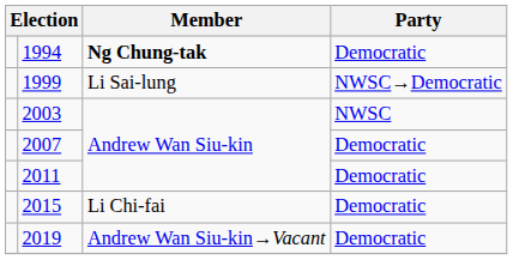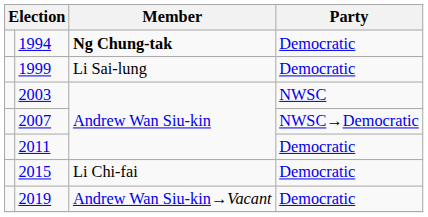 <table class="wikitable">
 <tr>
 <th colspan="2">Election</th>
 <th>Member</th>
 <th>Party</th>
 </tr>
 <tr>
 <td style="background-color: "></td>
 <td><a href='#'>1994</a></td>
 <td><strong>Ng Chung-tak</strong></td>
 <td><a href='#'>Democratic</a></td>
 </tr>
 <tr>
 <td style="background-color: "></td>
 <td><a href='#'>1999</a></td>
 <td>Li Sai-lung</td>
-<td><a href='#'>NWSC</a>→<a href='#'>Democratic</a></td>
+<td><a href='#'>Democratic</a></td>
 </tr>
 <tr>
 <td style="background-color: "></td>
 <td><a href='#'>2003</a></td>
 <td rowspan=3><a href='#'>Andrew Wan Siu-kin</a></td>
 <td><a href='#'>NWSC</a></td>
 </tr>
 <tr>
 <td style="background-color: "></td>
 <td><a href='#'>2007</a></td>
-<td><a href='#'>Democratic</a></td>
+<td><a href='#'>NWSC</a>→<a href='#'>Democratic</a></td>
 </tr>
 <tr>
 <td style="background-color: "></td>
 <td><a href='#'>2011</a></td>
 <td><a href='#'>Democratic</a></td>
 </tr>
 <tr>
 <td style="background-color: "></td>
 <td><a href='#'>2015</a></td>
 <td>Li Chi-fai</td>
 <td><a href='#'>Democratic</a></td>
 </tr>
 <tr>
 <td style="background-color: "></td>
 <td><a href='#'>2019</a></td>
 <td><a href='#'>Andrew Wan Siu-kin</a>→<em>Vacant</em></td>
 <td><a href='#'>Democratic</a></td>
 </tr>
 <tr>
 </tr>
 </table>
